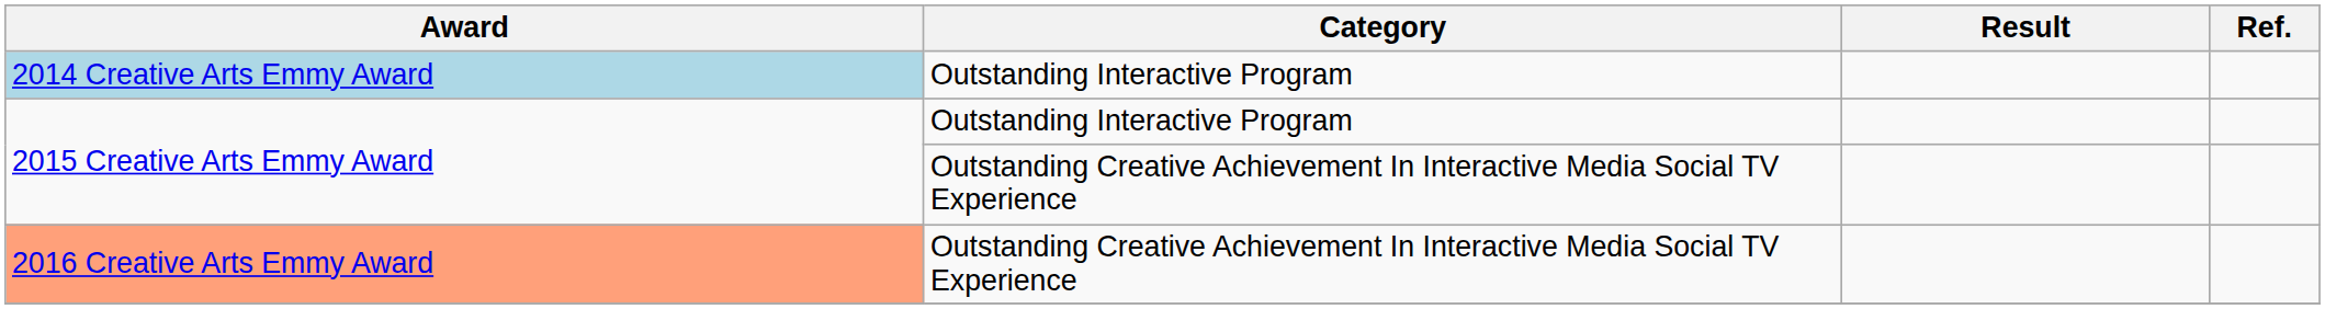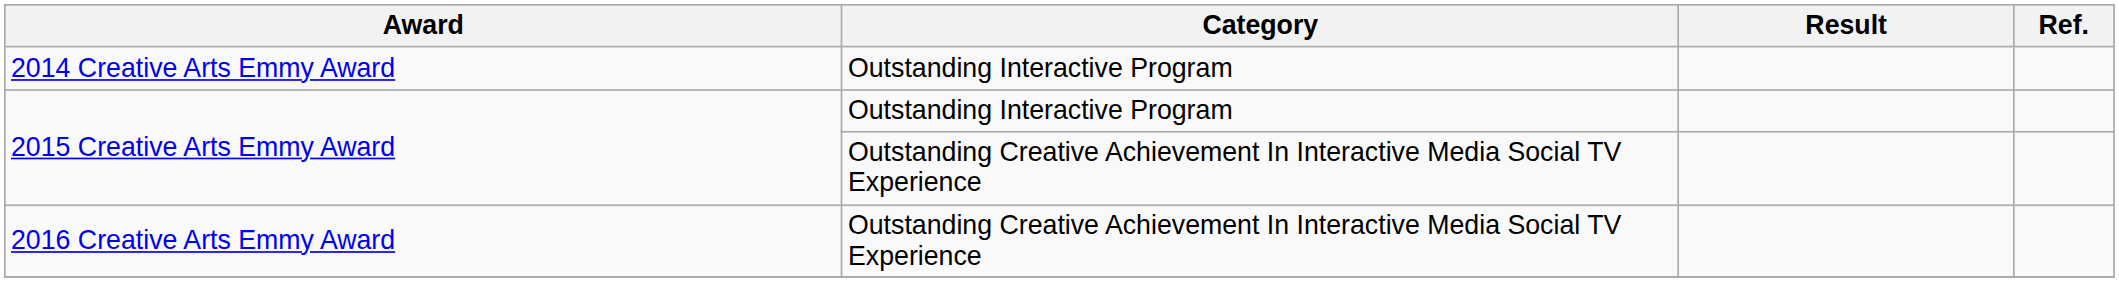 <table class="wikitable plainrowheaders" width=100%>
 <tr>
 <th scope="col" width="25%">Award</th>
 <th scope="col" width="25%">Category</th>
 <th scope="col" width="10%">Result</th>
 <th scope="col" width="3%">Ref.</th>
 </tr>
 <tr>
-<td style="background: lightblue;"><a href='#'>2014 Creative Arts Emmy Award</a></td>
+<td><a href='#'>2014 Creative Arts Emmy Award</a></td>
 <td>Outstanding Interactive Program</td>
 <td></td>
 <td></td>
 </tr>
 <tr>
 <td rowspan="2"><a href='#'>2015 Creative Arts Emmy Award</a></td>
 <td>Outstanding Interactive Program</td>
 <td></td>
 <td></td>
 </tr>
 <tr>
 <td>Outstanding Creative Achievement In Interactive Media Social TV Experience</td>
 <td></td>
 <td></td>
 </tr>
 <tr>
-<td style="background: lightsalmon;"><a href='#'>2016 Creative Arts Emmy Award</a></td>
+<td><a href='#'>2016 Creative Arts Emmy Award</a></td>
 <td>Outstanding Creative Achievement In Interactive Media Social TV Experience</td>
 <td></td>
 <td></td>
 </tr>
 <tr>
 </tr>
 </table>
